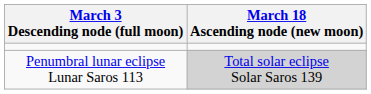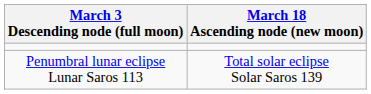 <table class="wikitable">
 <tr>
 <th><a href='#'>March 3</a><br>Descending node (full moon)<br></th>
 <th><a href='#'>March 18</a><br>Ascending node (new moon)<br></th>
 </tr>
 <tr>
 <td></td>
 <td></td>
 </tr>
 <tr align=center>
 <td><a href='#'>Penumbral lunar eclipse</a><br>Lunar Saros 113</td>
-<td style="background: lightgrey;"><a href='#'>Total solar eclipse</a><br>Solar Saros 139</td>
+<td><a href='#'>Total solar eclipse</a><br>Solar Saros 139</td>
 </tr>
 </table>
